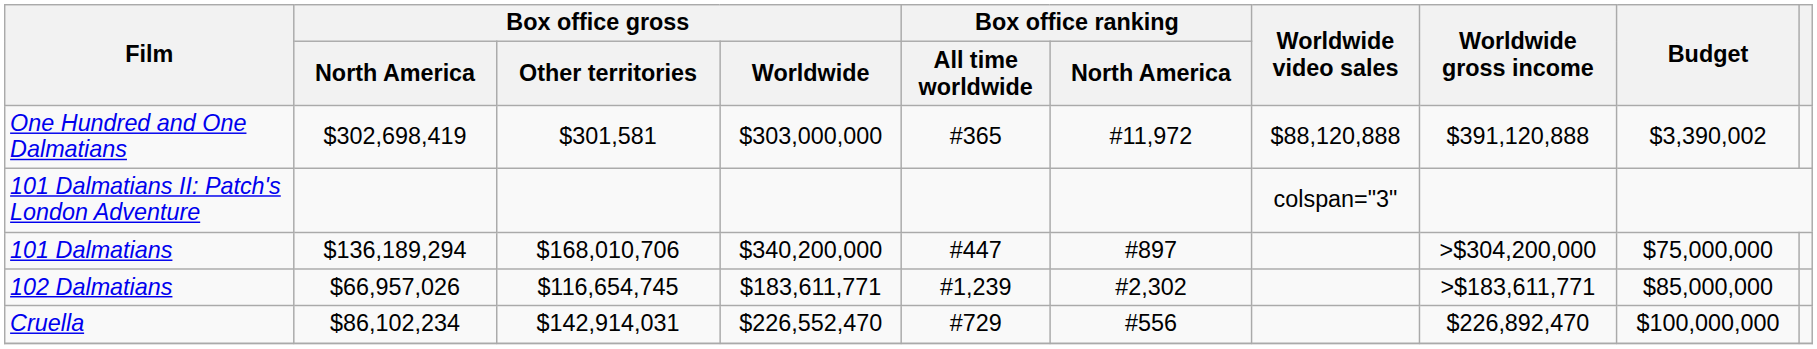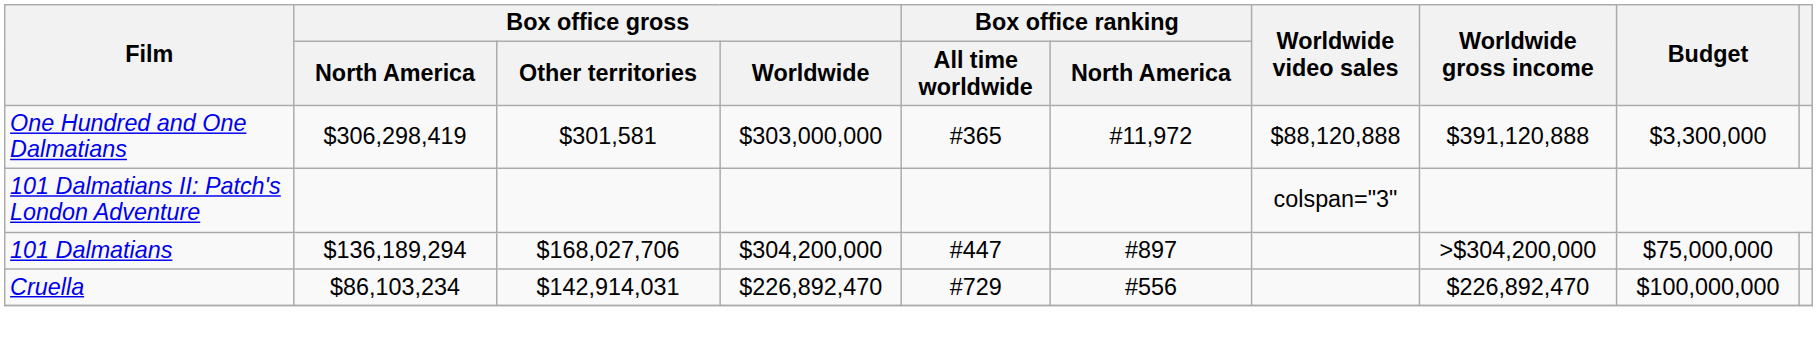 <table class="wikitable" width=98% border="1" style="text-align: center;">
 <tr>
 <th rowspan="2" style="width:16%;">Film</th>
 <th colspan="3">Box office gross</th>
 <th colspan="2">Box office ranking</th>
 <th rowspan="2">Worldwide <br>video sales</th>
 <th rowspan="2">Worldwide <br>gross income</th>
 <th rowspan="2">Budget</th>
 <th rowspan="2"></th>
 </tr>
 <tr>
 <th>North America</th>
 <th>Other territories</th>
 <th>Worldwide</th>
 <th>All time <br>worldwide</th>
 <th>North America</th>
 </tr>
 <tr>
 <td style="text-align: left;"><em><a href='#'>One Hundred and One Dalmatians</a></em></td>
-<td>$302,698,419</td>
+<td>$306,298,419</td>
 <td>$301,581</td>
 <td>$303,000,000</td>
 <td>#365</td>
 <td>#11,972</td>
 <td>$88,120,888</td>
 <td>$391,120,888</td>
-<td>$3,390,002</td>
+<td>$3,300,000</td>
 <td></td>
 </tr>
 <tr>
 <td style="text-align: left;"><em><a href='#'>101 Dalmatians II: Patch's London Adventure</a></em></td>
 <td></td>
 <td></td>
 <td></td>
 <td></td>
 <td></td>
 <td>colspan="3" </td>
 <td></td>
 </tr>
 <tr>
 <td style="text-align: left;"><em><a href='#'>101 Dalmatians</a></em></td>
 <td>$136,189,294</td>
-<td>$168,010,706</td>
-<td>$340,200,000</td>
+<td>$168,027,706</td>
+<td>$304,200,000</td>
 <td>#447</td>
 <td>#897</td>
 <td></td>
 <td>>$304,200,000</td>
 <td>$75,000,000</td>
 <td></td>
 </tr>
 <tr>
-<td style="text-align: left;"><em><a href='#'>102 Dalmatians</a></em></td>
-<td>$66,957,026</td>
-<td>$116,654,745</td>
-<td>$183,611,771</td>
-<td>#1,239</td>
-<td>#2,302</td>
-<td></td>
-<td>>$183,611,771</td>
-<td>$85,000,000</td>
-<td></td>
-</tr>
-<tr>
 <td style="text-align: left;"><em><a href='#'>Cruella</a></em></td>
-<td>$86,102,234</td>
+<td>$86,103,234</td>
 <td>$142,914,031</td>
-<td>$226,552,470</td>
+<td>$226,892,470</td>
 <td>#729</td>
 <td>#556</td>
 <td></td>
 <td>$226,892,470</td>
 <td>$100,000,000</td>
 <td></td>
 </tr>
 <tr>
 </tr>
 </table>
